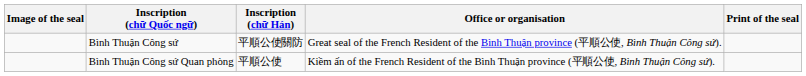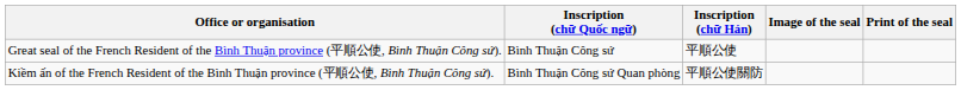 <table class="wikitable">
 <tr>
-<th>Image of the seal</th>
+<th>Office or organisation</th>
 <th>Inscription<br>(<a href='#'>chữ Quốc ngữ</a>)</th>
 <th>Inscription<br>(<a href='#'>chữ Hán</a>)</th>
-<th>Office or organisation</th>
+<th>Image of the seal</th>
 <th>Print of the seal</th>
 </tr>
 <tr>
+<td>Great seal of the French Resident of the <a href='#'>Bình Thuận province</a> (平順公使, <em>Bình Thuận Công sứ</em>).</td>
+<td>Bình Thuận Công sứ</td>
+<td>平順公使</td>
 <td></td>
-<td>Bình Thuận Công sứ</td>
-<td>平順公使關防</td>
-<td>Great seal of the French Resident of the <a href='#'>Bình Thuận province</a> (平順公使, <em>Bình Thuận Công sứ</em>).</td>
 <td></td>
 </tr>
 <tr>
+<td>Kiềm ấn of the French Resident of the Bình Thuận province (平順公使, <em>Bình Thuận Công sứ</em>).</td>
+<td>Bình Thuận Công sứ Quan phòng</td>
+<td>平順公使關防</td>
 <td></td>
-<td>Bình Thuận Công sứ Quan phòng</td>
-<td>平順公使</td>
-<td>Kiềm ấn of the French Resident of the Bình Thuận province (平順公使, <em>Bình Thuận Công sứ</em>).</td>
 <td></td>
 </tr>
 </table>
